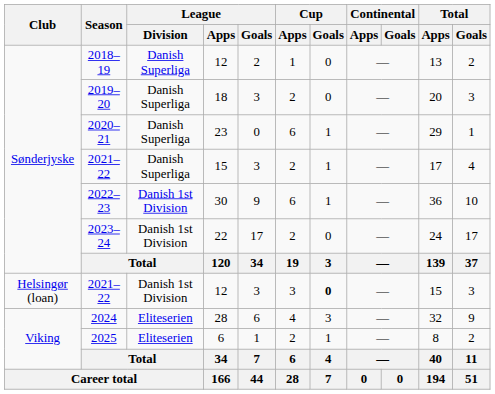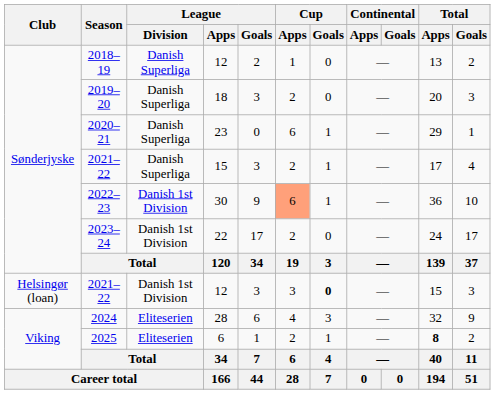 <table class="wikitable" style="text-align: center;">
 <tr>
 <th rowspan="2">Club</th>
 <th rowspan="2">Season</th>
 <th colspan="3">League</th>
 <th colspan="2">Cup</th>
 <th colspan="2">Continental</th>
 <th colspan="2">Total</th>
 </tr>
 <tr>
 <th>Division</th>
 <th>Apps</th>
 <th>Goals</th>
 <th>Apps</th>
 <th>Goals</th>
 <th>Apps</th>
 <th>Goals</th>
 <th>Apps</th>
 <th>Goals</th>
 </tr>
 <tr>
 <td rowspan="7"><a href='#'>Sønderjyske</a></td>
 <td><a href='#'>2018–19</a></td>
 <td><a href='#'>Danish Superliga</a></td>
 <td>12</td>
 <td>2</td>
 <td>1</td>
 <td>0</td>
 <td colspan="2">—</td>
 <td>13</td>
 <td>2</td>
 </tr>
 <tr>
 <td><a href='#'>2019–20</a></td>
 <td>Danish Superliga</td>
 <td>18</td>
 <td>3</td>
 <td>2</td>
 <td>0</td>
 <td colspan="2">—</td>
 <td>20</td>
 <td>3</td>
 </tr>
 <tr>
 <td><a href='#'>2020–21</a></td>
 <td>Danish Superliga</td>
 <td>23</td>
 <td>0</td>
 <td>6</td>
 <td>1</td>
 <td colspan="2">—</td>
 <td>29</td>
 <td>1</td>
 </tr>
 <tr>
 <td><a href='#'>2021–22</a></td>
 <td>Danish Superliga</td>
 <td>15</td>
 <td>3</td>
 <td>2</td>
 <td>1</td>
 <td colspan="2">—</td>
 <td>17</td>
 <td>4</td>
 </tr>
 <tr>
 <td><a href='#'>2022–23</a></td>
 <td><a href='#'>Danish 1st Division</a></td>
 <td>30</td>
 <td>9</td>
-<td>6</td>
+<td style="background: lightsalmon;">6</td>
 <td>1</td>
 <td colspan="2">—</td>
 <td>36</td>
 <td>10</td>
 </tr>
 <tr>
 <td><a href='#'>2023–24</a></td>
 <td>Danish 1st Division</td>
 <td>22</td>
 <td>17</td>
 <td>2</td>
 <td>0</td>
 <td colspan="2">—</td>
 <td>24</td>
 <td>17</td>
 </tr>
 <tr>
 <th colspan="2">Total</th>
 <th>120</th>
 <th>34</th>
 <th>19</th>
 <th>3</th>
 <th colspan="2">—</th>
 <th>139</th>
 <th>37</th>
 </tr>
 <tr>
 <td><a href='#'>Helsingør</a> (loan)</td>
 <td><a href='#'>2021–22</a></td>
 <td>Danish 1st Division</td>
 <td>12</td>
 <td>3</td>
 <td>3</td>
 <td><strong>0</strong></td>
 <td colspan="2">—</td>
 <td>15</td>
 <td>3</td>
 </tr>
 <tr>
 <td rowspan="3"><a href='#'>Viking</a></td>
 <td><a href='#'>2024</a></td>
 <td><a href='#'>Eliteserien</a></td>
 <td>28</td>
 <td>6</td>
 <td>4</td>
 <td>3</td>
 <td colspan="2">—</td>
 <td>32</td>
 <td>9</td>
 </tr>
 <tr>
 <td><a href='#'>2025</a></td>
 <td><a href='#'>Eliteserien</a></td>
 <td>6</td>
 <td>1</td>
 <td>2</td>
 <td>1</td>
 <td colspan="2">—</td>
-<td>8</td>
+<td><strong>8</strong></td>
 <td>2</td>
 </tr>
 <tr>
 <th colspan="2">Total</th>
 <th>34</th>
 <th>7</th>
 <th>6</th>
 <th>4</th>
 <th colspan="2">—</th>
 <th>40</th>
 <th>11</th>
 </tr>
 <tr>
 <th colspan="3">Career total</th>
 <th>166</th>
 <th>44</th>
 <th>28</th>
 <th>7</th>
 <th>0</th>
 <th>0</th>
 <th>194</th>
 <th>51</th>
 </tr>
 </table>
